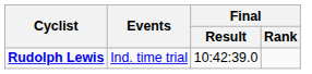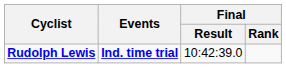 <table class=wikitable style="font-size:90%">
 <tr>
 <th rowspan="2">Cyclist</th>
 <th rowspan="2">Events</th>
 <th colspan="2">Final</th>
 </tr>
 <tr>
 <th>Result</th>
 <th>Rank</th>
 </tr>
 <tr>
 <td><strong><a href='#'>Rudolph Lewis</a></strong></td>
-<td><a href='#'>Ind. time trial</a></td>
+<td><strong><a href='#'>Ind. time trial</a></strong></td>
 <td align=center>10:42:39.0</td>
 <td align=center></td>
 </tr>
 </table>
